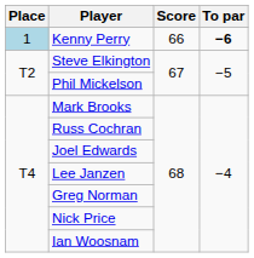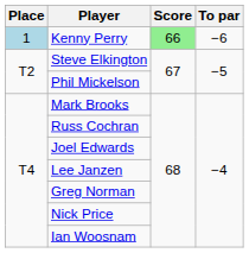 <table class="wikitable">
 <tr>
 <th>Place</th>
 <th>Player</th>
 <th>Score</th>
 <th>To par</th>
 </tr>
 <tr>
 <td align=center style="background: lightblue;">1</td>
 <td> <a href='#'>Kenny Perry</a></td>
-<td align=center>66</td>
-<td align=center><strong>−6</strong></td>
+<td align=center style="background: lightgreen;">66</td>
+<td align=center>−6</td>
 </tr>
 <tr>
 <td rowspan="2" align=center>T2</td>
 <td> <a href='#'>Steve Elkington</a></td>
 <td rowspan="2" align=center>67</td>
 <td rowspan="2" align=center>−5</td>
 </tr>
 <tr>
 <td> <a href='#'>Phil Mickelson</a></td>
 </tr>
 <tr>
 <td rowspan="7" align=center>T4</td>
 <td> <a href='#'>Mark Brooks</a></td>
 <td rowspan="7" align=center>68</td>
 <td rowspan="7" align=center>−4</td>
 </tr>
 <tr>
 <td> <a href='#'>Russ Cochran</a></td>
 </tr>
 <tr>
 <td> <a href='#'>Joel Edwards</a></td>
 </tr>
 <tr>
 <td> <a href='#'>Lee Janzen</a></td>
 </tr>
 <tr>
 <td> <a href='#'>Greg Norman</a></td>
 </tr>
 <tr>
 <td> <a href='#'>Nick Price</a></td>
 </tr>
 <tr>
 <td> <a href='#'>Ian Woosnam</a></td>
 </tr>
 </table>
